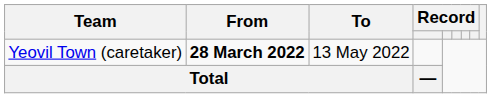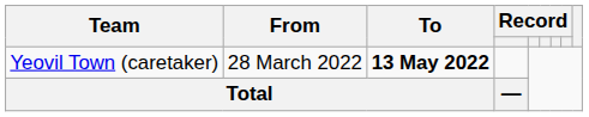 <table class=wikitable style="text-align: center">
 <tr>
 <th rowspan=2>Team</th>
 <th rowspan=2>From</th>
 <th rowspan=2>To</th>
 <th colspan=5>Record</th>
 <th rowspan=2></th>
 </tr>
 <tr>
 <th></th>
 <th></th>
 <th></th>
 <th></th>
 <th></th>
 </tr>
 <tr>
 <td align=left><a href='#'>Yeovil Town</a> (caretaker)</td>
-<td align=left><strong>28 March 2022</strong></td>
-<td align=left>13 May 2022<br></td>
+<td align=left>28 March 2022</td>
+<td align=left><strong>13 May 2022<br></strong></td>
 <td></td>
 </tr>
 <tr>
 <th colspan=3>Total<br></th>
 <th>—</th>
 </tr>
 </table>
